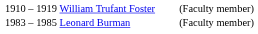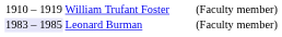 <table>
 <tr>
 <td width="80">1910 – 1919</td>
 <td width="180"><a href='#'>William Trufant Foster</a></td>
 <td>(Faculty member)</td>
 </tr>
 <tr>
-<td>1983 – 1985</td>
+<td style="background: lavender;">1983 – 1985</td>
 <td><a href='#'>Leonard Burman</a></td>
 <td>(Faculty member)</td>
 </tr>
 </table>
